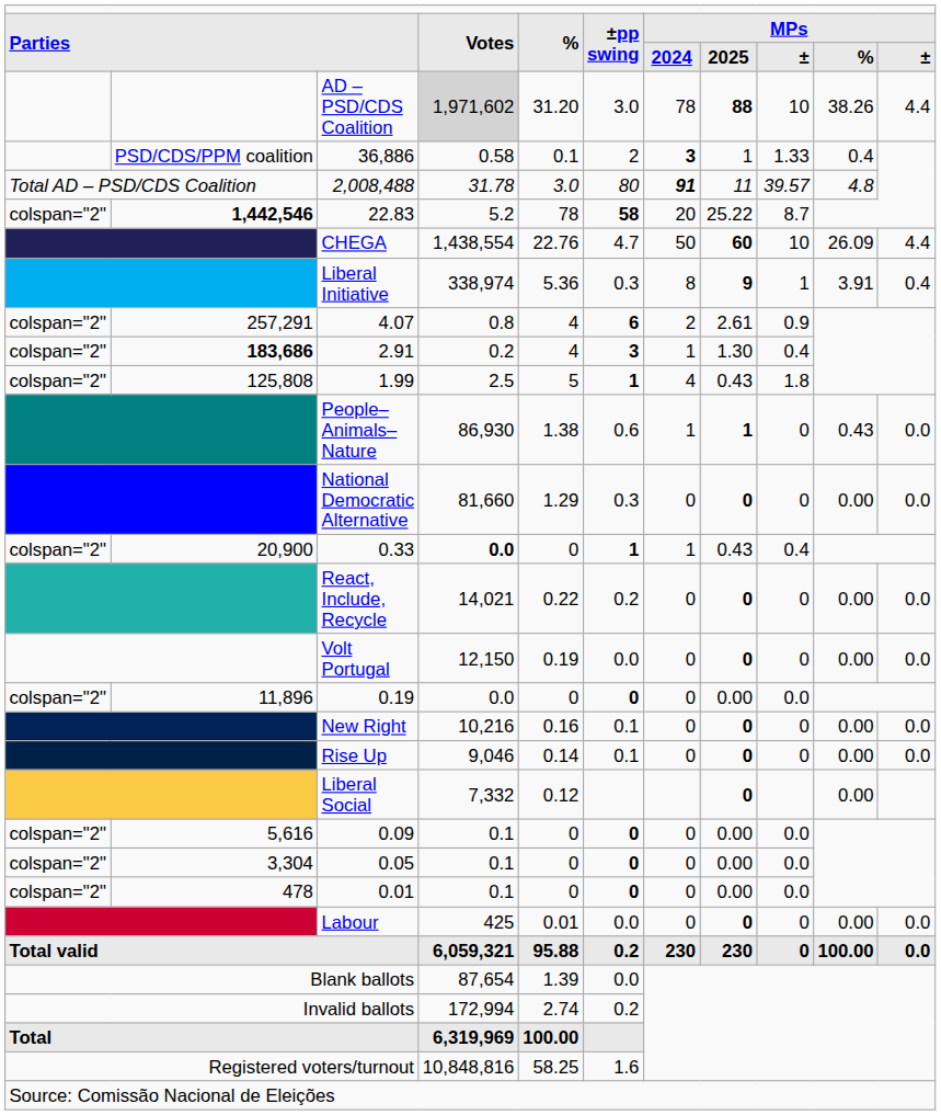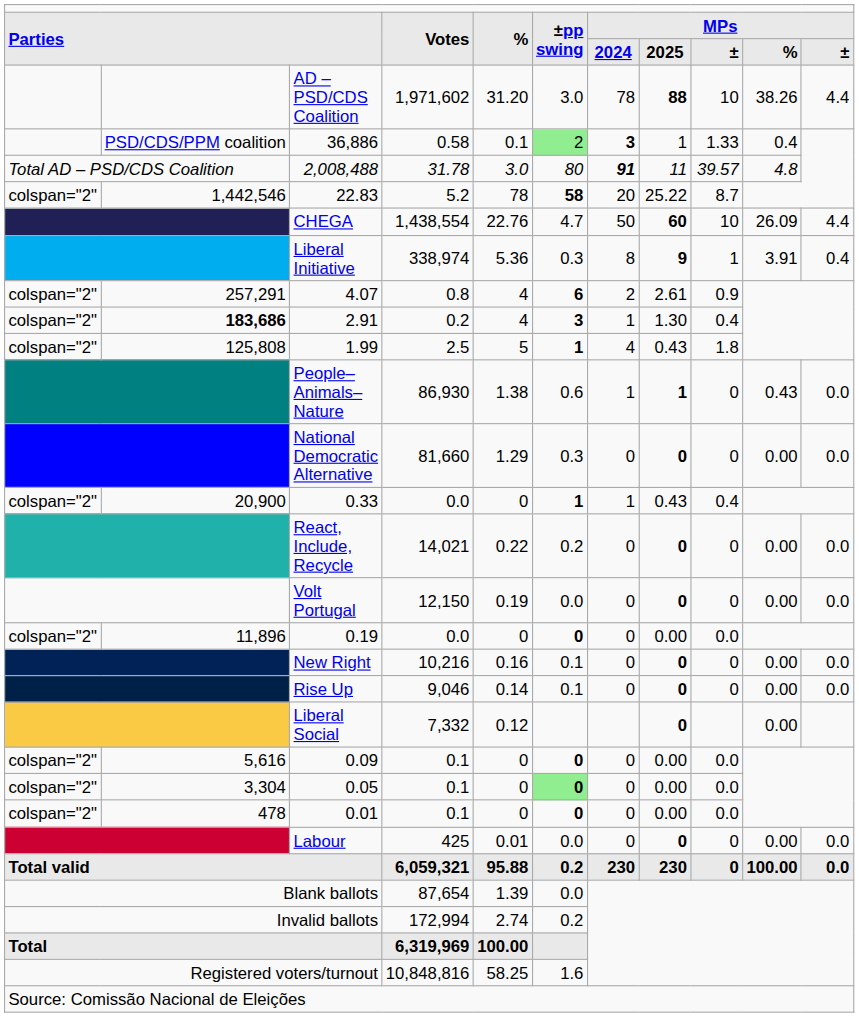 <table class="wikitable" style="text-align:right; font-size:95%;">
 <tr>
 <td colspan="11"></td>
 </tr>
 <tr>
 <th rowspan="2" colspan="3" style="background:#e9e9e9; text-align:left;" alignleft><a href='#'>Parties</a></th>
 <th rowspan="2" style="background:#e9e9e9; text-align:right;">Votes</th>
 <th rowspan="2" style="background:#e9e9e9; text-align:right;">%</th>
 <th rowspan="2" style="background:#e9e9e9; text-align:right;">±<a href='#'>pp</a> <a href='#'>swing</a></th>
 <th colspan="5" style="background:#e9e9e9; text-align:center;"><a href='#'>MPs</a></th>
 </tr>
 <tr style="background-color:#E9E9E9">
 <th style="background-color:#E9E9E9;text-align:center;"><a href='#'>2024</a></th>
 <th style="background-color:#E9E9E9;text-align:center;">2025</th>
 <th style="background:#e9e9e9; text-align:right;">±</th>
 <th style="background:#e9e9e9; text-align:right;">%</th>
 <th style="background:#e9e9e9; text-align:right;">±</th>
 </tr>
 <tr>
 <td style="background-color:"></td>
 <td bgcolor=></td>
 <td align="left"><a href='#'>AD – PSD/CDS Coalition</a> </td>
-<td style="background: lightgrey;">1,971,602</td>
+<td>1,971,602</td>
 <td>31.20</td>
 <td>3.0</td>
 <td>78</td>
 <td><strong>88</strong></td>
 <td>10</td>
 <td>38.26</td>
 <td>4.4</td>
 </tr>
 <tr>
 <td></td>
 <td align=left><a href='#'>PSD/CDS/PPM</a> coalition </td>
 <td>36,886</td>
 <td>0.58</td>
 <td>0.1</td>
-<td>2</td>
+<td style="background: lightgreen;">2</td>
 <td><strong>3</strong></td>
 <td>1</td>
 <td>1.33</td>
 <td>0.4</td>
 </tr>
 <tr>
 <td style="text-align:left;" colspan="2"><em>Total AD – PSD/CDS Coalition</em></td>
 <td width="65" align="right"><em>2,008,488</em></td>
 <td width="40" align="right"><em>31.78</em></td>
 <td width="40" align="right"><em>3.0</em></td>
 <td width="40" align="right"><em>80</em></td>
 <td width="40" align="right"><strong><em>91</em></strong></td>
 <td width="40" align="right"><em>11</em></td>
 <td width="40" align="right"><em>39.57</em></td>
 <td width="40" align="right"><em>4.8</em></td>
 </tr>
 <tr>
 <td>colspan="2" </td>
-<td><strong>1,442,546</strong></td>
+<td>1,442,546</td>
 <td>22.83</td>
 <td>5.2</td>
 <td>78</td>
 <td><strong>58</strong></td>
 <td>20</td>
 <td>25.22</td>
 <td>8.7</td>
 </tr>
 <tr>
 <td colspan="2" style="width: 10px" bgcolor="#202056" align="center"></td>
 <td align="left"><a href='#'>CHEGA</a></td>
 <td>1,438,554</td>
 <td>22.76</td>
 <td>4.7</td>
 <td>50</td>
 <td><strong>60</strong></td>
 <td>10</td>
 <td>26.09</td>
 <td>4.4</td>
 </tr>
 <tr>
 <td colspan="2" style="width: 10px" bgcolor="#00ADEF" align="center"></td>
 <td align="left"><a href='#'>Liberal Initiative</a></td>
 <td>338,974</td>
 <td>5.36</td>
 <td>0.3</td>
 <td>8</td>
 <td><strong>9</strong></td>
 <td>1</td>
 <td>3.91</td>
 <td>0.4</td>
 </tr>
 <tr>
 <td>colspan="2" </td>
 <td>257,291</td>
 <td>4.07</td>
 <td>0.8</td>
 <td>4</td>
 <td><strong>6</strong></td>
 <td>2</td>
 <td>2.61</td>
 <td>0.9</td>
 </tr>
 <tr>
 <td>colspan="2" </td>
 <td><strong>183,686</strong></td>
 <td>2.91</td>
 <td>0.2</td>
 <td>4</td>
 <td><strong>3</strong></td>
 <td>1</td>
 <td>1.30</td>
 <td>0.4</td>
 </tr>
 <tr>
 <td>colspan="2" </td>
 <td>125,808</td>
 <td>1.99</td>
 <td>2.5</td>
 <td>5</td>
 <td><strong>1</strong></td>
 <td>4</td>
 <td>0.43</td>
 <td>1.8</td>
 </tr>
 <tr>
 <td colspan="2" style="width: 10px" bgcolor="teal" align="center"></td>
 <td align="left"><a href='#'>People–Animals–Nature</a></td>
 <td>86,930</td>
 <td>1.38</td>
 <td>0.6</td>
 <td>1</td>
 <td><strong>1</strong></td>
 <td>0</td>
 <td>0.43</td>
 <td>0.0</td>
 </tr>
 <tr>
 <td colspan="2" style="width: 10px" bgcolor="blue" align="center"></td>
 <td align="left"><a href='#'>National Democratic Alternative</a></td>
 <td>81,660</td>
 <td>1.29</td>
 <td>0.3</td>
 <td>0</td>
 <td><strong>0</strong></td>
 <td>0</td>
 <td>0.00</td>
 <td>0.0</td>
 </tr>
 <tr>
 <td>colspan="2" </td>
 <td>20,900</td>
 <td>0.33</td>
-<td><strong>0.0</strong></td>
+<td>0.0</td>
 <td>0</td>
 <td><strong>1</strong></td>
 <td>1</td>
 <td>0.43</td>
 <td>0.4</td>
 </tr>
 <tr>
 <td colspan="2" style="width: 10px" bgcolor="LightSeaGreen" align="center"></td>
 <td align="left"><a href='#'>React, Include, Recycle</a></td>
 <td>14,021</td>
 <td>0.22</td>
 <td>0.2</td>
 <td>0</td>
 <td><strong>0</strong></td>
 <td>0</td>
 <td>0.00</td>
 <td>0.0</td>
 </tr>
 <tr>
 <td colspan="2" style="width: 10px"></td>
 <td align="left"><a href='#'>Volt Portugal</a></td>
 <td>12,150</td>
 <td>0.19</td>
 <td>0.0</td>
 <td>0</td>
 <td><strong>0</strong></td>
 <td>0</td>
 <td>0.00</td>
 <td>0.0</td>
 </tr>
 <tr>
 <td>colspan="2" </td>
 <td>11,896</td>
 <td>0.19</td>
 <td>0.0</td>
 <td>0</td>
 <td><strong>0</strong></td>
 <td>0</td>
 <td>0.00</td>
 <td>0.0</td>
 </tr>
 <tr>
 <td colspan="2" style="width: 10px" bgcolor="#012257" align="center"></td>
 <td align="left"><a href='#'>New Right</a></td>
 <td>10,216</td>
 <td>0.16</td>
 <td>0.1</td>
 <td>0</td>
 <td><strong>0</strong></td>
 <td>0</td>
 <td>0.00</td>
 <td>0.0</td>
 </tr>
 <tr>
 <td colspan="2" style="width: 10px" bgcolor="#002147" align="center"></td>
 <td align="left"><a href='#'>Rise Up</a></td>
 <td>9,046</td>
 <td>0.14</td>
 <td>0.1</td>
 <td>0</td>
 <td><strong>0</strong></td>
 <td>0</td>
 <td>0.00</td>
 <td>0.0</td>
 </tr>
 <tr>
 <td colspan="2" style="width: 10px" bgcolor="#fbca44" align="center"></td>
 <td align="left"><a href='#'>Liberal Social</a></td>
 <td>7,332</td>
 <td>0.12</td>
 <td></td>
 <td></td>
 <td><strong>0</strong></td>
 <td></td>
 <td>0.00</td>
 <td></td>
 </tr>
 <tr>
 <td>colspan="2" </td>
 <td>5,616</td>
 <td>0.09</td>
 <td>0.1</td>
 <td>0</td>
 <td><strong>0</strong></td>
 <td>0</td>
 <td>0.00</td>
 <td>0.0</td>
 </tr>
 <tr>
 <td>colspan="2" </td>
 <td>3,304</td>
 <td>0.05</td>
 <td>0.1</td>
 <td>0</td>
-<td><strong>0</strong></td>
+<td style="background: lightgreen;"><strong>0</strong></td>
 <td>0</td>
 <td>0.00</td>
 <td>0.0</td>
 </tr>
 <tr>
 <td>colspan="2" </td>
 <td>478</td>
 <td>0.01</td>
 <td>0.1</td>
 <td>0</td>
 <td><strong>0</strong></td>
 <td>0</td>
 <td>0.00</td>
 <td>0.0</td>
 </tr>
 <tr>
 <td colspan="2" style="width: 10px" bgcolor="#CC0033" align="center"></td>
 <td align="left"><a href='#'>Labour</a></td>
 <td>425</td>
 <td>0.01</td>
 <td>0.0</td>
 <td>0</td>
 <td><strong>0</strong></td>
 <td>0</td>
 <td>0.00</td>
 <td>0.0</td>
 </tr>
 <tr>
 <td colspan=3 align=left style="background-color:#E9E9E9"><strong>Total valid</strong></td>
 <td width="65" align="right" style="background-color:#E9E9E9"><strong>6,059,321</strong></td>
 <td width="40" align="right" style="background-color:#E9E9E9"><strong>95.88</strong></td>
 <td width="40" align="right" style="background-color:#E9E9E9"><strong>0.2</strong></td>
 <td width="40" align="right" style="background-color:#E9E9E9"><strong>230</strong></td>
 <td width="40" align="right" style="background-color:#E9E9E9"><strong>230</strong></td>
 <td width="40" align="right" style="background-color:#E9E9E9"><strong>0</strong></td>
 <td width="40" align="right" style="background-color:#E9E9E9"><strong>100.00</strong></td>
 <td width="40" align="right" style="background-color:#E9E9E9"><strong>0.0</strong></td>
 </tr>
 <tr>
 <td colspan=3>Blank ballots</td>
 <td>87,654</td>
 <td>1.39</td>
 <td>0.0</td>
 <td colspan=5 rowspan=4></td>
 </tr>
 <tr>
 <td colspan=3>Invalid ballots</td>
 <td>172,994</td>
 <td>2.74</td>
 <td>0.2</td>
 </tr>
 <tr>
 <td colspan=3 align=left style="background-color:#E9E9E9"><strong>Total</strong></td>
 <td width="50" align="right" style="background-color:#E9E9E9"><strong>6,319,969</strong></td>
 <td width="40" align="right" style="background-color:#E9E9E9"><strong>100.00</strong></td>
 <td width="40" align="right" style="background-color:#E9E9E9"></td>
 </tr>
 <tr>
 <td colspan=3>Registered voters/turnout</td>
 <td>10,848,816</td>
 <td>58.25</td>
 <td>1.6</td>
 </tr>
 <tr>
 <td colspan=11 align=left>Source: Comissão Nacional de Eleições</td>
 </tr>
 </table>
